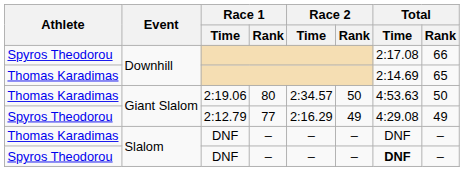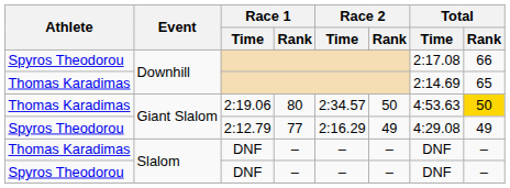 <table class="wikitable" style="font-size:90%">
 <tr>
 <th rowspan="2">Athlete</th>
 <th rowspan="2">Event</th>
 <th colspan="2">Race 1</th>
 <th colspan="2">Race 2</th>
 <th colspan="2">Total</th>
 </tr>
 <tr>
 <th>Time</th>
 <th>Rank</th>
 <th>Time</th>
 <th>Rank</th>
 <th>Time</th>
 <th>Rank</th>
 </tr>
 <tr>
 <td><a href='#'>Spyros Theodorou</a></td>
 <td rowspan="2">Downhill</td>
 <td colspan="4" bgcolor="wheat"></td>
 <td align="center">2:17.08</td>
 <td align="center">66</td>
 </tr>
 <tr>
 <td><a href='#'>Thomas Karadimas</a></td>
 <td colspan="4" bgcolor="wheat"></td>
 <td align="center">2:14.69</td>
 <td align="center">65</td>
 </tr>
 <tr>
 <td><a href='#'>Thomas Karadimas</a></td>
 <td rowspan="2">Giant Slalom</td>
 <td align="center">2:19.06</td>
 <td align="center">80</td>
 <td align="center">2:34.57</td>
 <td align="center">50</td>
 <td align="center">4:53.63</td>
-<td align="center">50</td>
+<td align="center" style="background: gold;">50</td>
 </tr>
 <tr>
 <td><a href='#'>Spyros Theodorou</a></td>
 <td align="center">2:12.79</td>
 <td align="center">77</td>
 <td align="center">2:16.29</td>
 <td align="center">49</td>
 <td align="center">4:29.08</td>
 <td align="center">49</td>
 </tr>
 <tr>
 <td><a href='#'>Thomas Karadimas</a></td>
 <td rowspan="2">Slalom</td>
 <td align="center">DNF</td>
 <td align="center">–</td>
 <td align="center">–</td>
 <td align="center">–</td>
 <td align="center">DNF</td>
 <td align="center">–</td>
 </tr>
 <tr>
 <td><a href='#'>Spyros Theodorou</a></td>
 <td align="center">DNF</td>
 <td align="center">–</td>
 <td align="center">–</td>
 <td align="center">–</td>
-<td align="center"><strong>DNF</strong></td>
+<td align="center">DNF</td>
 <td align="center">–</td>
 </tr>
 </table>
